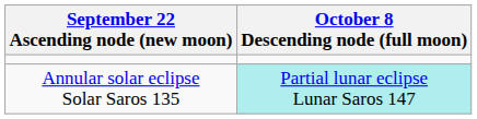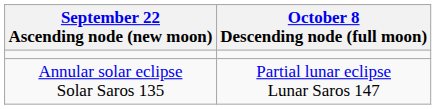 <table class="wikitable">
 <tr>
 <th><a href='#'>September 22</a><br>Ascending node (new moon)<br></th>
 <th><a href='#'>October 8</a><br>Descending node (full moon)<br></th>
 </tr>
 <tr>
 <td></td>
 <td></td>
 </tr>
 <tr align=center>
 <td><a href='#'>Annular solar eclipse</a><br>Solar Saros 135</td>
-<td style="background: paleturquoise;"><a href='#'>Partial lunar eclipse</a><br>Lunar Saros 147</td>
+<td><a href='#'>Partial lunar eclipse</a><br>Lunar Saros 147</td>
 </tr>
 </table>
